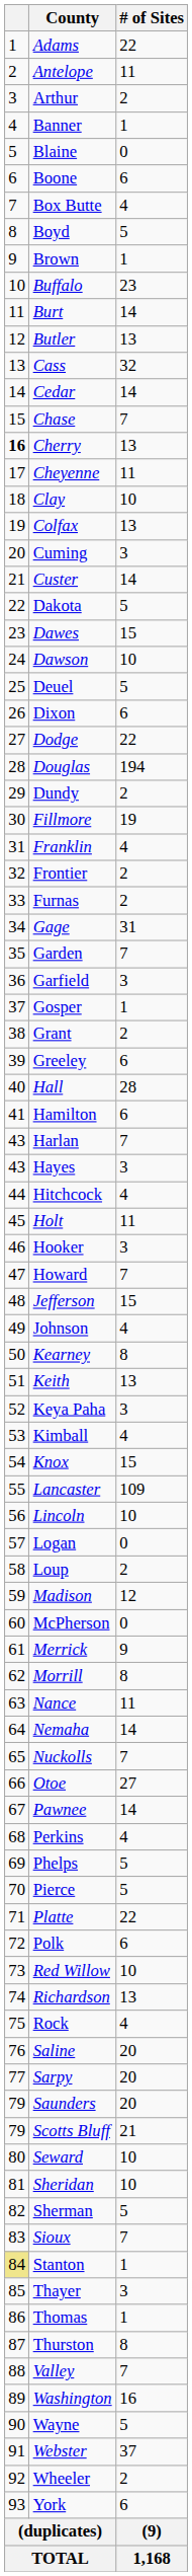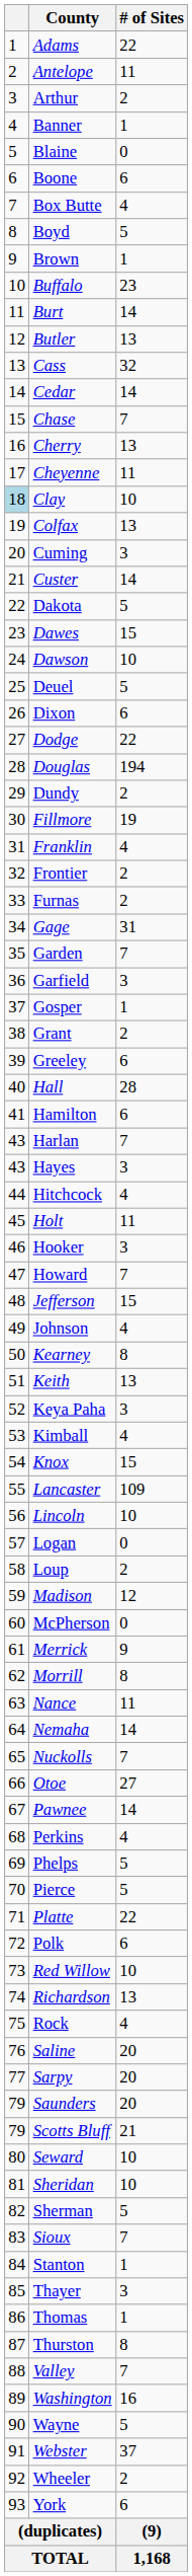 <table class="wikitable sortable">
 <tr>
 <th></th>
 <th><strong>County</strong></th>
 <th><strong># of Sites</strong></th>
 </tr>
 <tr ->
 <td>1</td>
 <td><em><a href='#'>Adams</a></em></td>
 <td>22</td>
 </tr>
 <tr ->
 <td>2</td>
 <td><em><a href='#'>Antelope</a></em></td>
 <td>11</td>
 </tr>
 <tr ->
 <td>3</td>
 <td><a href='#'>Arthur</a></td>
 <td>2</td>
 </tr>
 <tr ->
 <td>4</td>
 <td><a href='#'>Banner</a></td>
 <td>1</td>
 </tr>
 <tr ->
 <td>5</td>
 <td><a href='#'>Blaine</a></td>
 <td>0</td>
 </tr>
 <tr ->
 <td>6</td>
 <td><a href='#'>Boone</a></td>
 <td>6</td>
 </tr>
 <tr ->
 <td>7</td>
 <td><a href='#'>Box Butte</a></td>
 <td>4</td>
 </tr>
 <tr ->
 <td>8</td>
 <td><a href='#'>Boyd</a></td>
 <td>5</td>
 </tr>
 <tr ->
 <td>9</td>
 <td><a href='#'>Brown</a></td>
 <td>1</td>
 </tr>
 <tr ->
 <td>10</td>
 <td><em><a href='#'>Buffalo</a></em></td>
 <td>23</td>
 </tr>
 <tr ->
 <td>11</td>
 <td><em><a href='#'>Burt</a></em></td>
 <td>14</td>
 </tr>
 <tr ->
 <td>12</td>
 <td><em><a href='#'>Butler</a></em></td>
 <td>13</td>
 </tr>
 <tr ->
 <td>13</td>
 <td><em><a href='#'>Cass</a></em></td>
 <td>32</td>
 </tr>
 <tr ->
 <td>14</td>
 <td><em><a href='#'>Cedar</a></em></td>
 <td>14</td>
 </tr>
 <tr ->
 <td>15</td>
 <td><em><a href='#'>Chase</a></em></td>
 <td>7</td>
 </tr>
 <tr ->
-<td><strong>16</strong></td>
+<td>16</td>
 <td><em><a href='#'>Cherry</a></em></td>
 <td>13</td>
 </tr>
 <tr ->
 <td>17</td>
 <td><em><a href='#'>Cheyenne</a></em></td>
 <td>11</td>
 </tr>
 <tr ->
-<td>18</td>
+<td style="background: lightblue;">18</td>
 <td><em><a href='#'>Clay</a></em></td>
 <td>10</td>
 </tr>
 <tr ->
 <td>19</td>
 <td><em><a href='#'>Colfax</a></em></td>
 <td>13</td>
 </tr>
 <tr ->
 <td>20</td>
 <td><a href='#'>Cuming</a></td>
 <td>3</td>
 </tr>
 <tr ->
 <td>21</td>
 <td><em><a href='#'>Custer</a></em></td>
 <td>14</td>
 </tr>
 <tr ->
 <td>22</td>
 <td><a href='#'>Dakota</a></td>
 <td>5</td>
 </tr>
 <tr ->
 <td>23</td>
 <td><em><a href='#'>Dawes</a></em></td>
 <td>15</td>
 </tr>
 <tr ->
 <td>24</td>
 <td><em><a href='#'>Dawson</a></em></td>
 <td>10</td>
 </tr>
 <tr ->
 <td>25</td>
 <td><a href='#'>Deuel</a></td>
 <td>5</td>
 </tr>
 <tr ->
 <td>26</td>
 <td><a href='#'>Dixon</a></td>
 <td>6</td>
 </tr>
 <tr ->
 <td>27</td>
 <td><em><a href='#'>Dodge</a></em></td>
 <td>22</td>
 </tr>
 <tr ->
 <td>28</td>
 <td><em><a href='#'>Douglas</a></em></td>
 <td>194</td>
 </tr>
 <tr ->
 <td>29</td>
 <td><a href='#'>Dundy</a></td>
 <td>2</td>
 </tr>
 <tr ->
 <td>30</td>
 <td><em><a href='#'>Fillmore</a></em></td>
 <td>19</td>
 </tr>
 <tr ->
 <td>31</td>
 <td><em><a href='#'>Franklin</a></em></td>
 <td>4</td>
 </tr>
 <tr ->
 <td>32</td>
 <td><a href='#'>Frontier</a></td>
 <td>2</td>
 </tr>
 <tr ->
 <td>33</td>
 <td><a href='#'>Furnas</a></td>
 <td>2</td>
 </tr>
 <tr ->
 <td>34</td>
 <td><em><a href='#'>Gage</a></em></td>
 <td>31</td>
 </tr>
 <tr ->
 <td>35</td>
 <td><a href='#'>Garden</a></td>
 <td>7</td>
 </tr>
 <tr ->
 <td>36</td>
 <td><a href='#'>Garfield</a></td>
 <td>3</td>
 </tr>
 <tr ->
 <td>37</td>
 <td><a href='#'>Gosper</a></td>
 <td>1</td>
 </tr>
 <tr ->
 <td>38</td>
 <td><a href='#'>Grant</a></td>
 <td>2</td>
 </tr>
 <tr ->
 <td>39</td>
 <td><a href='#'>Greeley</a></td>
 <td>6</td>
 </tr>
 <tr ->
 <td>40</td>
 <td><em><a href='#'>Hall</a></em></td>
 <td>28</td>
 </tr>
 <tr ->
 <td>41</td>
 <td><a href='#'>Hamilton</a></td>
 <td>6</td>
 </tr>
 <tr ->
 <td>43</td>
 <td><a href='#'>Harlan</a></td>
 <td>7</td>
 </tr>
 <tr ->
 <td>43</td>
 <td><a href='#'>Hayes</a></td>
 <td>3</td>
 </tr>
 <tr ->
 <td>44</td>
 <td><a href='#'>Hitchcock</a></td>
 <td>4</td>
 </tr>
 <tr ->
 <td>45</td>
 <td><em><a href='#'>Holt</a></em></td>
 <td>11</td>
 </tr>
 <tr ->
 <td>46</td>
 <td><a href='#'>Hooker</a></td>
 <td>3</td>
 </tr>
 <tr ->
 <td>47</td>
 <td><a href='#'>Howard</a></td>
 <td>7</td>
 </tr>
 <tr ->
 <td>48</td>
 <td><em><a href='#'>Jefferson</a></em></td>
 <td>15</td>
 </tr>
 <tr ->
 <td>49</td>
 <td><a href='#'>Johnson</a></td>
 <td>4</td>
 </tr>
 <tr ->
 <td>50</td>
 <td><em><a href='#'>Kearney</a></em></td>
 <td>8</td>
 </tr>
 <tr ->
 <td>51</td>
 <td><em><a href='#'>Keith</a></em></td>
 <td>13</td>
 </tr>
 <tr ->
 <td>52</td>
 <td><a href='#'>Keya Paha</a></td>
 <td>3</td>
 </tr>
 <tr ->
 <td>53</td>
 <td><a href='#'>Kimball</a></td>
 <td>4</td>
 </tr>
 <tr ->
 <td>54</td>
 <td><em><a href='#'>Knox</a></em></td>
 <td>15</td>
 </tr>
 <tr ->
 <td>55</td>
 <td><em><a href='#'>Lancaster</a></em></td>
 <td>109</td>
 </tr>
 <tr ->
 <td>56</td>
 <td><em><a href='#'>Lincoln</a></em></td>
 <td>10</td>
 </tr>
 <tr ->
 <td>57</td>
 <td><a href='#'>Logan</a></td>
 <td>0</td>
 </tr>
 <tr ->
 <td>58</td>
 <td><a href='#'>Loup</a></td>
 <td>2</td>
 </tr>
 <tr ->
 <td>59</td>
 <td><em><a href='#'>Madison</a></em></td>
 <td>12</td>
 </tr>
 <tr ->
 <td>60</td>
 <td><a href='#'>McPherson</a></td>
 <td>0</td>
 </tr>
 <tr ->
 <td>61</td>
 <td><em><a href='#'>Merrick</a></em></td>
 <td>9</td>
 </tr>
 <tr ->
 <td>62</td>
 <td><em><a href='#'>Morrill</a></em></td>
 <td>8</td>
 </tr>
 <tr ->
 <td>63</td>
 <td><em><a href='#'>Nance</a></em></td>
 <td>11</td>
 </tr>
 <tr ->
 <td>64</td>
 <td><em><a href='#'>Nemaha</a></em></td>
 <td>14</td>
 </tr>
 <tr ->
 <td>65</td>
 <td><em><a href='#'>Nuckolls</a></em></td>
 <td>7</td>
 </tr>
 <tr ->
 <td>66</td>
 <td><em><a href='#'>Otoe</a></em></td>
 <td>27</td>
 </tr>
 <tr ->
 <td>67</td>
 <td><em><a href='#'>Pawnee</a></em></td>
 <td>14</td>
 </tr>
 <tr ->
 <td>68</td>
 <td><a href='#'>Perkins</a></td>
 <td>4</td>
 </tr>
 <tr ->
 <td>69</td>
 <td><a href='#'>Phelps</a></td>
 <td>5</td>
 </tr>
 <tr ->
 <td>70</td>
 <td><a href='#'>Pierce</a></td>
 <td>5</td>
 </tr>
 <tr ->
 <td>71</td>
 <td><em><a href='#'>Platte</a></em></td>
 <td>22</td>
 </tr>
 <tr ->
 <td>72</td>
 <td><a href='#'>Polk</a></td>
 <td>6</td>
 </tr>
 <tr ->
 <td>73</td>
 <td><em><a href='#'>Red Willow</a></em></td>
 <td>10</td>
 </tr>
 <tr ->
 <td>74</td>
 <td><em><a href='#'>Richardson</a></em></td>
 <td>13</td>
 </tr>
 <tr ->
 <td>75</td>
 <td><a href='#'>Rock</a></td>
 <td>4</td>
 </tr>
 <tr ->
 <td>76</td>
 <td><em><a href='#'>Saline</a></em></td>
 <td>20</td>
 </tr>
 <tr ->
 <td>77</td>
 <td><em><a href='#'>Sarpy</a></em></td>
 <td>20</td>
 </tr>
 <tr ->
 <td>79</td>
 <td><em><a href='#'>Saunders</a></em></td>
 <td>20</td>
 </tr>
 <tr ->
 <td>79</td>
 <td><em><a href='#'>Scotts Bluff</a></em></td>
 <td>21</td>
 </tr>
 <tr ->
 <td>80</td>
 <td><em><a href='#'>Seward</a></em></td>
 <td>10</td>
 </tr>
 <tr ->
 <td>81</td>
 <td><em><a href='#'>Sheridan</a></em></td>
 <td>10</td>
 </tr>
 <tr ->
 <td>82</td>
 <td><a href='#'>Sherman</a></td>
 <td>5</td>
 </tr>
 <tr ->
 <td>83</td>
 <td><em><a href='#'>Sioux</a></em></td>
 <td>7</td>
 </tr>
 <tr ->
-<td style="background: khaki;">84</td>
+<td>84</td>
 <td><a href='#'>Stanton</a></td>
 <td>1</td>
 </tr>
 <tr ->
 <td>85</td>
 <td><a href='#'>Thayer</a></td>
 <td>3</td>
 </tr>
 <tr ->
 <td>86</td>
 <td><a href='#'>Thomas</a></td>
 <td>1</td>
 </tr>
 <tr ->
 <td>87</td>
 <td><a href='#'>Thurston</a></td>
 <td>8</td>
 </tr>
 <tr ->
 <td>88</td>
 <td><em><a href='#'>Valley</a></em></td>
 <td>7</td>
 </tr>
 <tr ->
 <td>89</td>
 <td><em><a href='#'>Washington</a></em></td>
 <td>16</td>
 </tr>
 <tr ->
 <td>90</td>
 <td><a href='#'>Wayne</a></td>
 <td>5</td>
 </tr>
 <tr ->
 <td>91</td>
 <td><em><a href='#'>Webster</a></em></td>
 <td>37</td>
 </tr>
 <tr ->
 <td>92</td>
 <td><a href='#'>Wheeler</a></td>
 <td>2</td>
 </tr>
 <tr ->
 <td>93</td>
 <td><a href='#'>York</a></td>
 <td>6</td>
 </tr>
 <tr class="sortbottom">
 <th colspan="2">(duplicates)</th>
 <th>(9)</th>
 </tr>
 <tr class="sortbottom">
 <th colspan="2">TOTAL</th>
 <th>1,168</th>
 </tr>
 </table>
